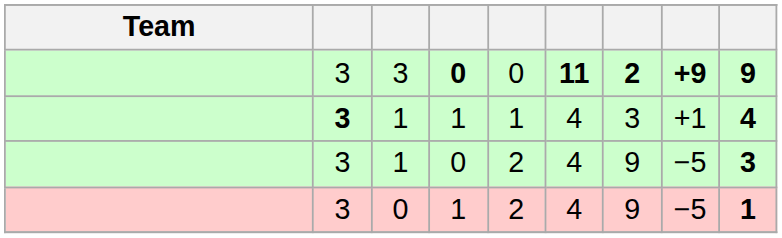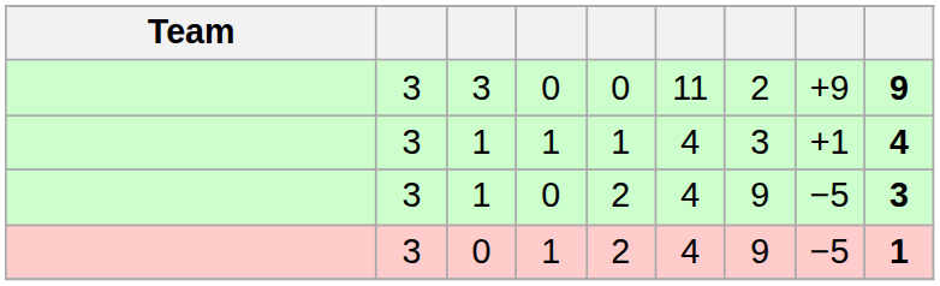 <table class="wikitable" style="text-align:center;">
 <tr>
 </tr>
 <tr>
 <th width="165">Team</th>
 <th width="25"></th>
 <th width="25"></th>
 <th width="25"></th>
 <th width="25"></th>
 <th width="25"></th>
 <th width="25"></th>
 <th width="25"></th>
 <th width="25"></th>
 </tr>
 <tr bgcolor=CCFFCC>
 <td align=left></td>
 <td>3</td>
 <td>3</td>
-<td><strong>0</strong></td>
 <td>0</td>
-<td><strong>11</strong></td>
-<td><strong>2</strong></td>
-<td><strong>+9</strong></td>
+<td>0</td>
+<td>11</td>
+<td>2</td>
+<td>+9</td>
 <td><strong>9</strong></td>
 </tr>
 <tr bgcolor=CCFFCC>
 <td align=left></td>
-<td><strong>3</strong></td>
+<td>3</td>
 <td>1</td>
 <td>1</td>
 <td>1</td>
 <td>4</td>
 <td>3</td>
 <td>+1</td>
 <td><strong>4</strong></td>
 </tr>
 <tr bgcolor=CCFFCC>
 <td align=left></td>
 <td>3</td>
 <td>1</td>
 <td>0</td>
 <td>2</td>
 <td>4</td>
 <td>9</td>
 <td>−5</td>
 <td><strong>3</strong></td>
 </tr>
 <tr bgcolor=FFCCCC>
 <td align=left></td>
 <td>3</td>
 <td>0</td>
 <td>1</td>
 <td>2</td>
 <td>4</td>
 <td>9</td>
 <td>−5</td>
 <td><strong>1</strong></td>
 </tr>
 <tr>
 </tr>
 </table>
